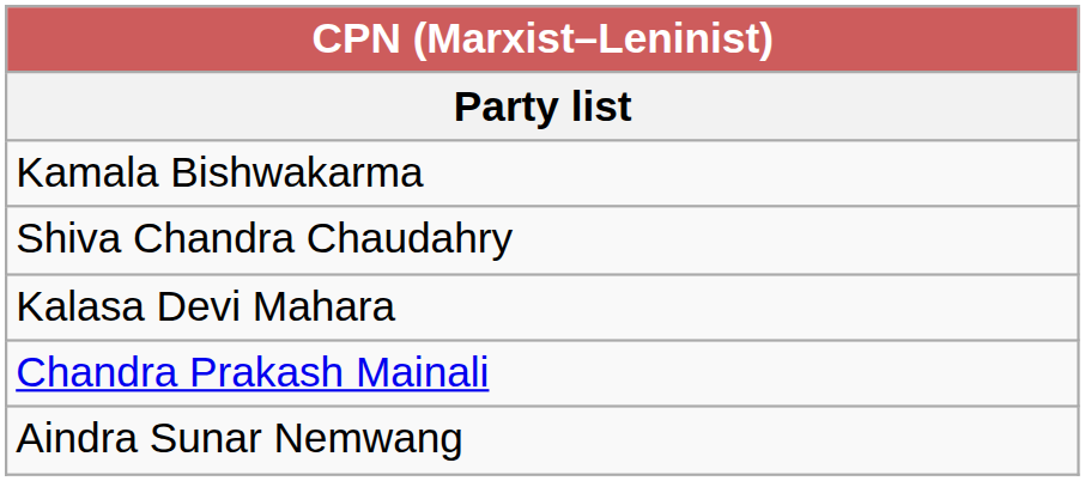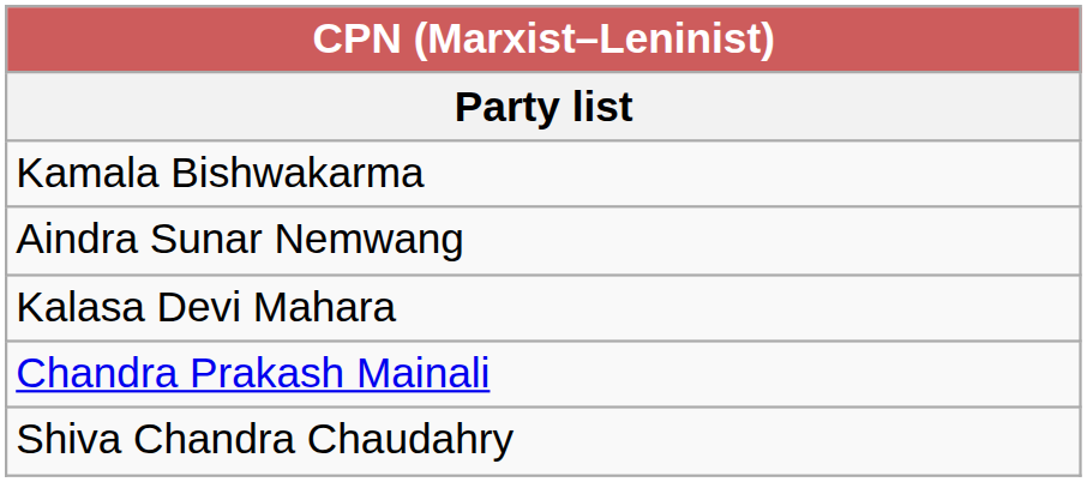 <table class="wikitable mw-collapsible mw-collapsed" role="presentation">
 <tr>
 <th style="width: 300pt; background:indianred; color: white;">CPN (Marxist–Leninist)</th>
 </tr>
 <tr>
 <th>Party list</th>
 </tr>
 <tr>
 <td>Kamala Bishwakarma</td>
 </tr>
 <tr>
-<td>Shiva Chandra Chaudahry</td>
+<td>Aindra Sunar Nemwang</td>
 </tr>
 <tr>
 <td>Kalasa Devi Mahara</td>
 </tr>
 <tr>
 <td><a href='#'>Chandra Prakash Mainali</a></td>
 </tr>
 <tr>
-<td>Aindra Sunar Nemwang</td>
+<td>Shiva Chandra Chaudahry</td>
 </tr>
 </table>
